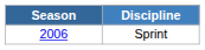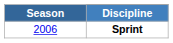 <table class="wikitable" style="font-size:95%; text-align:center; border:grey solid 1px; border-collapse:collapse; background:#ffffff;">
 <tr style="background-color:#369; color:white;">
 <td rowspan="2" colspan="1" style="width:110px"><strong>Season</strong></td>
 </tr>
 <tr style="background-color:#4180be; color:white;">
 <td style="width:110px"><strong>Discipline</strong></td>
 </tr>
 <tr>
 <td align=center><a href='#'>2006</a></td>
-<td align=center>Sprint</td>
+<td align=center><strong>Sprint</strong></td>
 </tr>
 </table>
